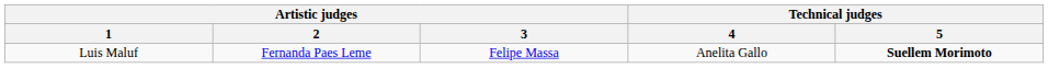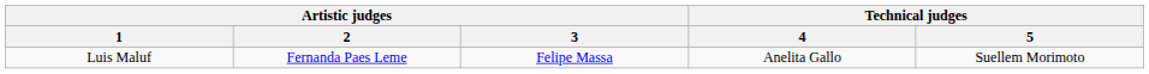 <table class="wikitable" style="font-size:100%; line-height:16px; text-align:center" width="100%">
 <tr>
 <th colspan=3>Artistic judges</th>
 <th colspan=2>Technical judges</th>
 </tr>
 <tr>
 <th width="20.0%">1</th>
 <th width="20.0%">2</th>
 <th width="20.0%">3</th>
 <th width="20.0%">4</th>
 <th width="20.0%">5</th>
 </tr>
 <tr>
 <td>Luis Maluf</td>
 <td><a href='#'>Fernanda Paes Leme</a></td>
 <td><a href='#'>Felipe Massa</a></td>
 <td>Anelita Gallo</td>
-<td><strong>Suellem Morimoto</strong></td>
+<td>Suellem Morimoto</td>
 </tr>
 </table>
